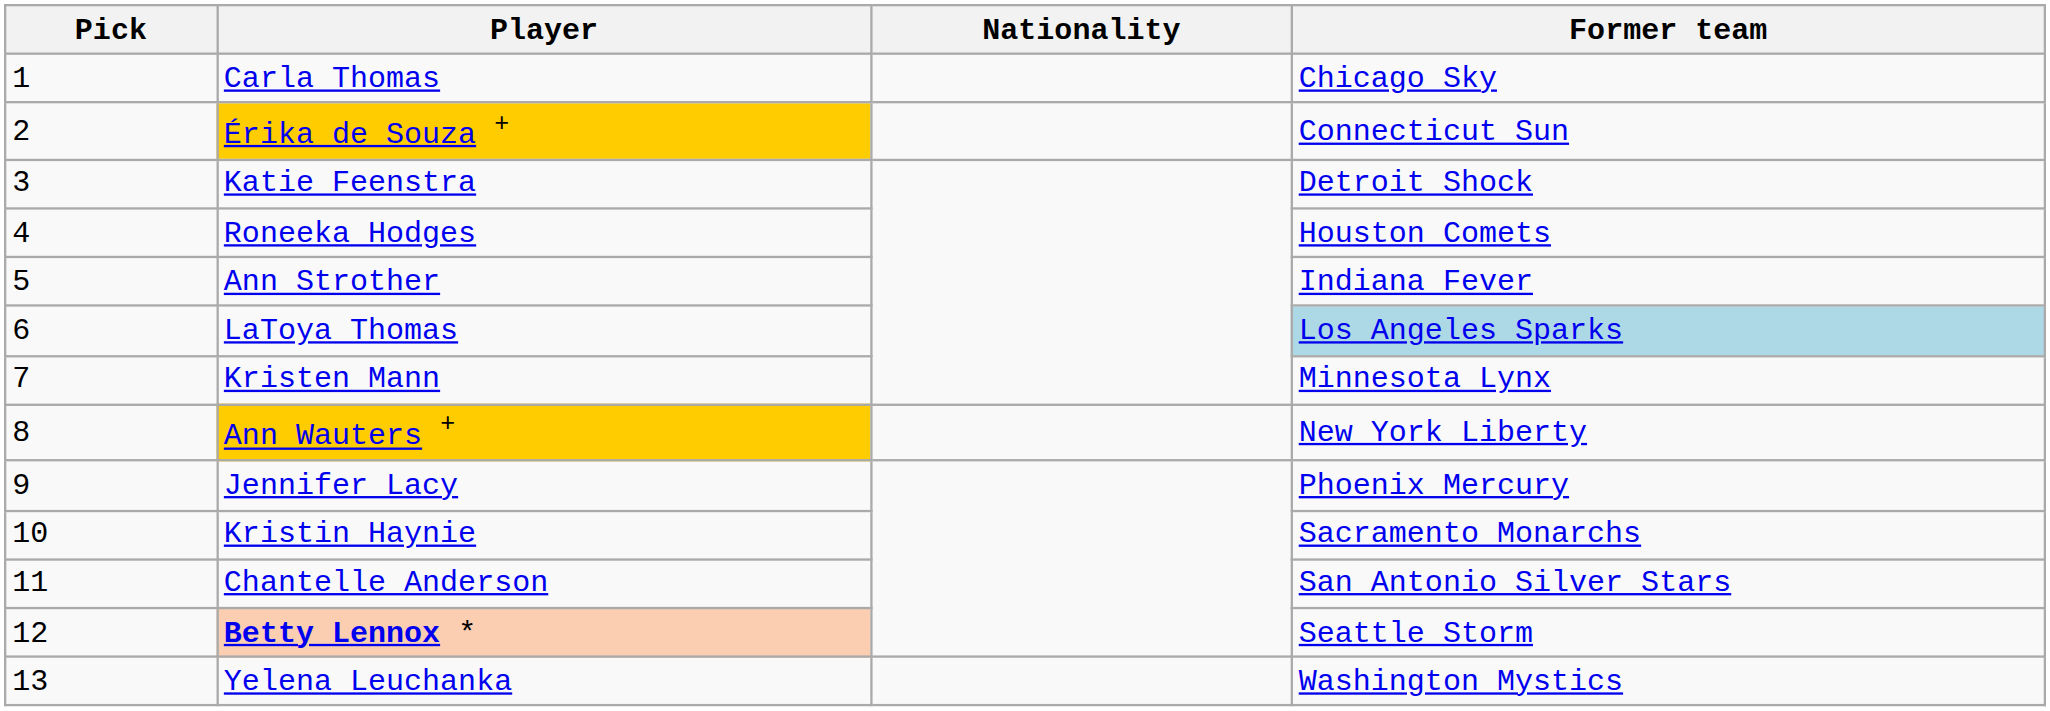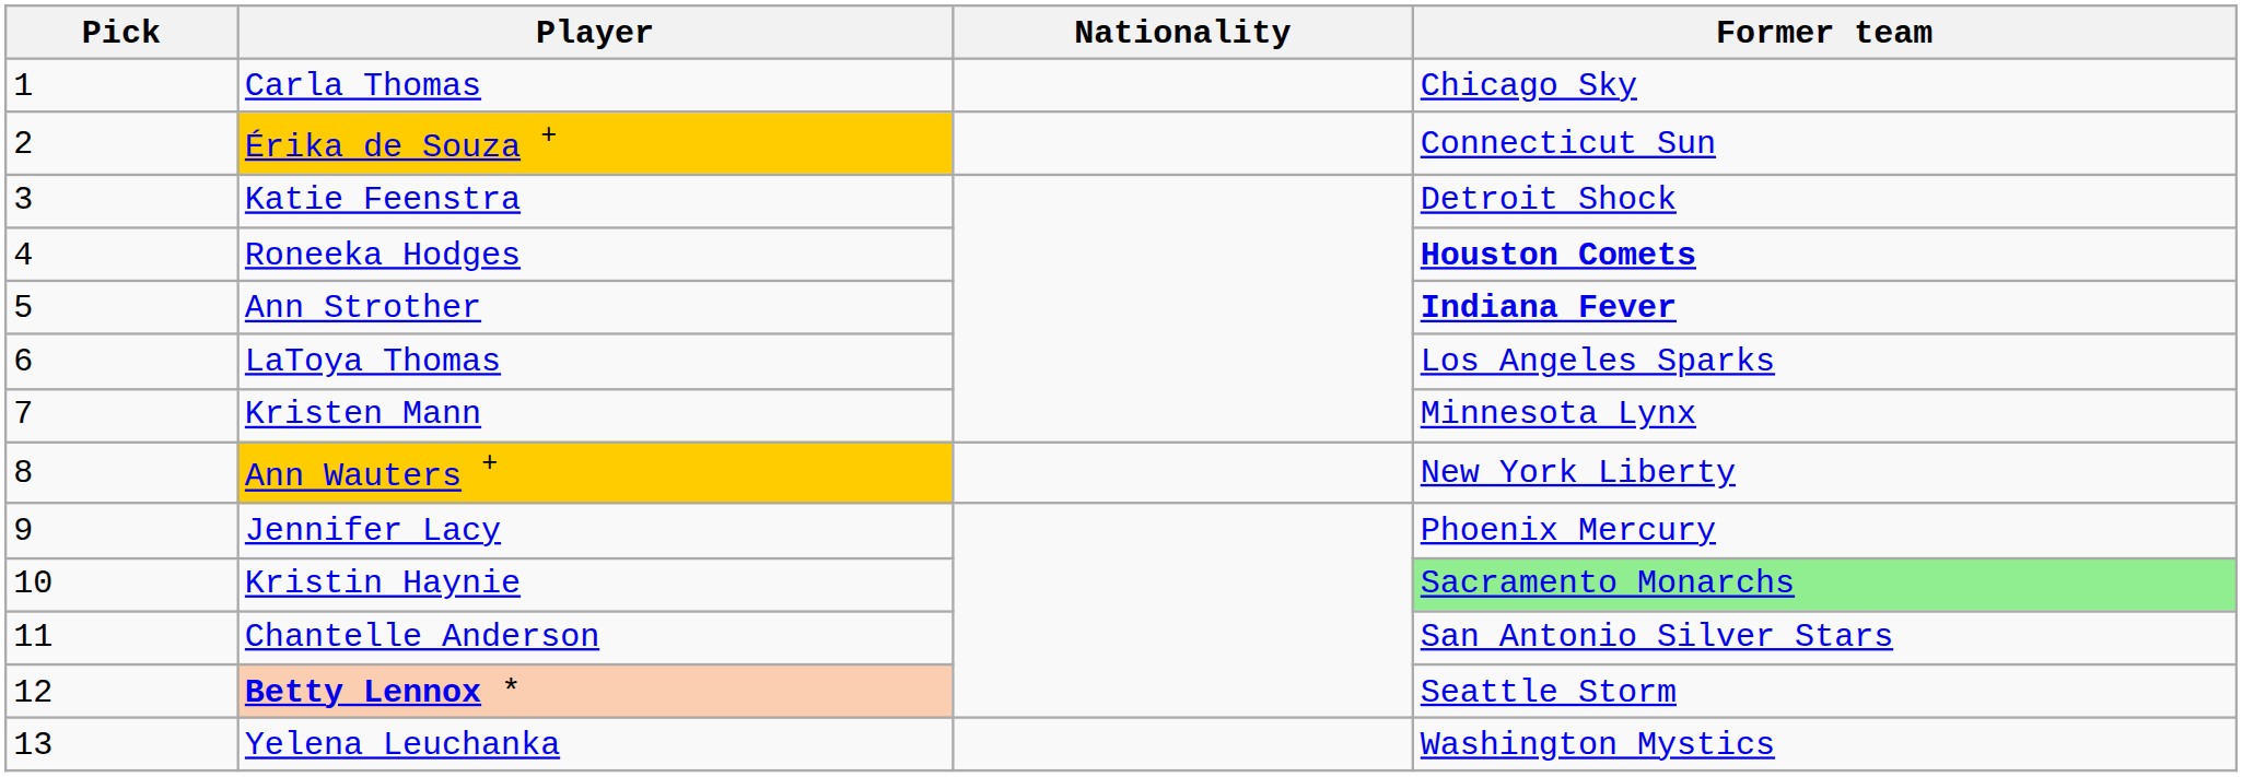 <table class="wikitable sortable" style="width:100%;">
 <tr>
 <th width=100>Pick</th>
 <th width=333>Player</th>
 <th width=200>Nationality</th>
 <th width=383>Former team</th>
 </tr>
 <tr>
 <td>1</td>
 <td><a href='#'>Carla Thomas</a></td>
 <td></td>
 <td><a href='#'>Chicago Sky</a></td>
 </tr>
 <tr>
 <td>2</td>
 <td bgcolor="#FFCC00"><a href='#'>Érika de Souza</a> <sup>+</sup></td>
 <td></td>
 <td><a href='#'>Connecticut Sun</a></td>
 </tr>
 <tr>
 <td>3</td>
 <td><a href='#'>Katie Feenstra</a></td>
 <td rowspan=5></td>
 <td><a href='#'>Detroit Shock</a></td>
 </tr>
 <tr>
 <td>4</td>
 <td><a href='#'>Roneeka Hodges</a></td>
-<td><a href='#'>Houston Comets</a></td>
+<td><strong><a href='#'>Houston Comets</a></strong></td>
 </tr>
 <tr>
 <td>5</td>
 <td><a href='#'>Ann Strother</a></td>
-<td><a href='#'>Indiana Fever</a></td>
+<td><strong><a href='#'>Indiana Fever</a></strong></td>
 </tr>
 <tr>
 <td>6</td>
 <td><a href='#'>LaToya Thomas</a></td>
-<td style="background: lightblue;"><a href='#'>Los Angeles Sparks</a></td>
+<td><a href='#'>Los Angeles Sparks</a></td>
 </tr>
 <tr>
 <td>7</td>
 <td><a href='#'>Kristen Mann</a></td>
 <td><a href='#'>Minnesota Lynx</a></td>
 </tr>
 <tr>
 <td>8</td>
 <td bgcolor=#FFCC00><a href='#'>Ann Wauters</a> <sup>+</sup></td>
 <td></td>
 <td><a href='#'>New York Liberty</a></td>
 </tr>
 <tr>
 <td>9</td>
 <td><a href='#'>Jennifer Lacy</a></td>
 <td rowspan=4></td>
 <td><a href='#'>Phoenix Mercury</a></td>
 </tr>
 <tr>
 <td>10</td>
 <td><a href='#'>Kristin Haynie</a></td>
-<td><a href='#'>Sacramento Monarchs</a></td>
+<td style="background: lightgreen;"><a href='#'>Sacramento Monarchs</a></td>
 </tr>
 <tr>
 <td>11</td>
 <td><a href='#'>Chantelle Anderson</a></td>
 <td><a href='#'>San Antonio Silver Stars</a></td>
 </tr>
 <tr>
 <td>12</td>
 <td bgcolor="#FBCEB1"><strong><a href='#'>Betty Lennox</a></strong> *</td>
 <td><a href='#'>Seattle Storm</a></td>
 </tr>
 <tr>
 <td>13</td>
 <td><a href='#'>Yelena Leuchanka</a></td>
 <td></td>
 <td><a href='#'>Washington Mystics</a></td>
 </tr>
 </table>
